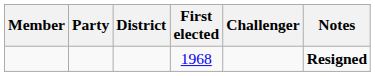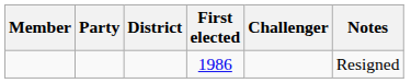 <table class="wikitable sortable" style=text-align:center>
 <tr>
 <th>Member</th>
 <th>Party</th>
 <th>District</th>
 <th>First<br>elected</th>
 <th>Challenger</th>
 <th>Notes</th>
 </tr>
 <tr>
 <td></td>
 <td></td>
 <td></td>
-<td><a href='#'>1968</a></td>
+<td><a href='#'>1986</a></td>
 <td></td>
-<td><strong>Resigned</strong></td>
+<td>Resigned</td>
 </tr>
 </table>
